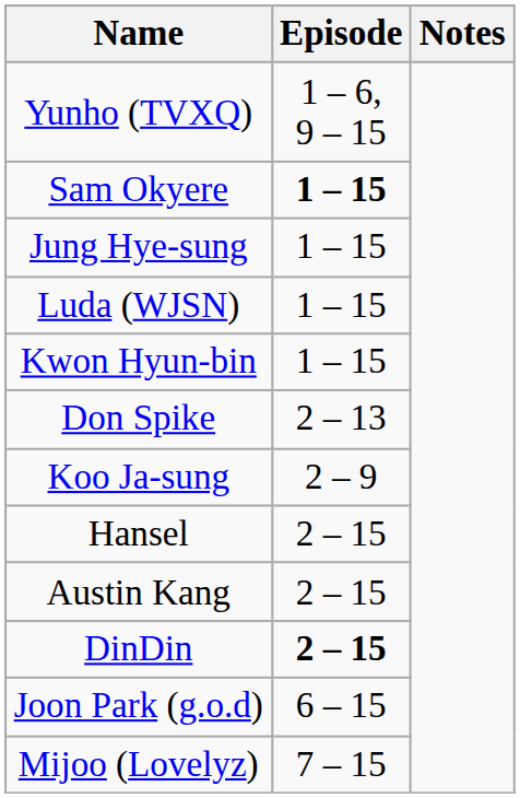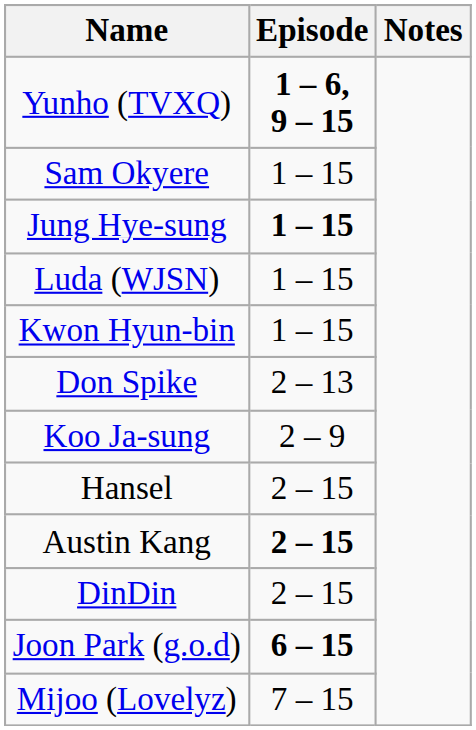 <table class=wikitable style=text-align:center>
 <tr>
 <th>Name</th>
 <th>Episode</th>
 <th>Notes</th>
 </tr>
 <tr>
 <td><a href='#'>Yunho</a> (<a href='#'>TVXQ</a>)</td>
-<td>1 – 6,<br>9 – 15</td>
+<td><strong>1 – 6,<br>9 – 15</strong></td>
 <td rowspan=12></td>
 </tr>
 <tr>
 <td><a href='#'>Sam Okyere</a></td>
-<td><strong>1 – 15</strong></td>
+<td>1 – 15</td>
 </tr>
 <tr>
 <td><a href='#'>Jung Hye-sung</a></td>
-<td>1 – 15</td>
+<td><strong>1 – 15</strong></td>
 </tr>
 <tr>
 <td><a href='#'>Luda</a> (<a href='#'>WJSN</a>)</td>
 <td>1 – 15</td>
 </tr>
 <tr>
 <td><a href='#'>Kwon Hyun-bin</a></td>
 <td>1 – 15</td>
 </tr>
 <tr>
 <td><a href='#'>Don Spike</a></td>
 <td>2 – 13</td>
 </tr>
 <tr>
 <td><a href='#'>Koo Ja-sung</a></td>
 <td>2 – 9</td>
 </tr>
 <tr>
 <td>Hansel</td>
 <td>2 – 15</td>
 </tr>
 <tr>
 <td>Austin Kang</td>
+<td><strong>2 – 15</strong></td>
+</tr>
+<tr>
+<td><a href='#'>DinDin</a></td>
 <td>2 – 15</td>
 </tr>
 <tr>
-<td><a href='#'>DinDin</a></td>
-<td><strong>2 – 15</strong></td>
-</tr>
-<tr>
 <td><a href='#'>Joon Park</a> (<a href='#'>g.o.d</a>)</td>
-<td>6 – 15</td>
+<td><strong>6 – 15</strong></td>
 </tr>
 <tr>
 <td><a href='#'>Mijoo</a> (<a href='#'>Lovelyz</a>)</td>
 <td>7 – 15</td>
 </tr>
 </table>
